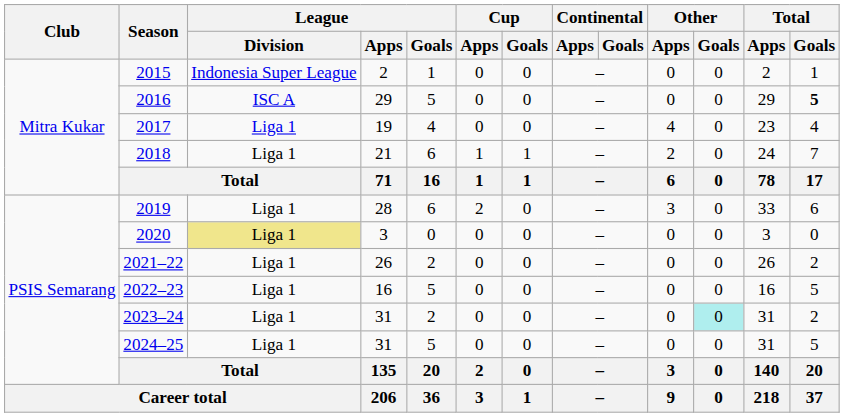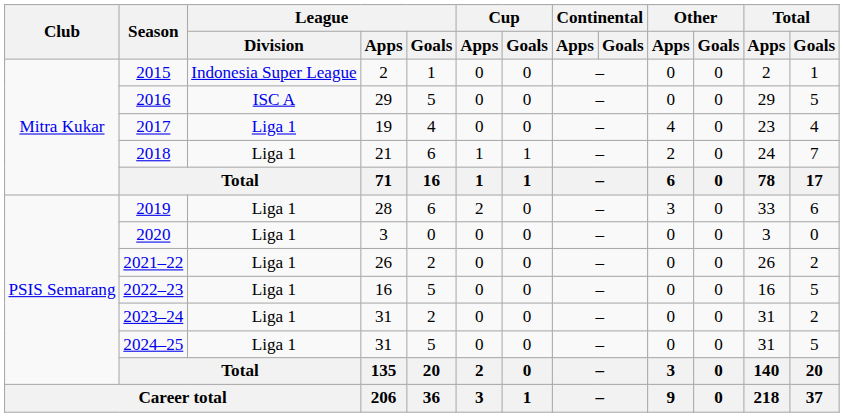 <table class="wikitable" style="text-align: center">
 <tr>
 <th rowspan="2">Club</th>
 <th rowspan="2">Season</th>
 <th colspan="3">League</th>
 <th colspan="2">Cup</th>
 <th colspan="2">Continental</th>
 <th colspan="2">Other</th>
 <th colspan="2">Total</th>
 </tr>
 <tr>
 <th>Division</th>
 <th>Apps</th>
 <th>Goals</th>
 <th>Apps</th>
 <th>Goals</th>
 <th>Apps</th>
 <th>Goals</th>
 <th>Apps</th>
 <th>Goals</th>
 <th>Apps</th>
 <th>Goals</th>
 </tr>
 <tr>
 <td rowspan="5"><a href='#'>Mitra Kukar</a></td>
 <td><a href='#'>2015</a></td>
 <td><a href='#'>Indonesia Super League</a></td>
 <td>2</td>
 <td>1</td>
 <td>0</td>
 <td>0</td>
 <td colspan="2">–</td>
 <td>0</td>
 <td>0</td>
 <td>2</td>
 <td>1</td>
 </tr>
 <tr>
 <td><a href='#'>2016</a></td>
 <td><a href='#'>ISC A</a></td>
 <td>29</td>
 <td>5</td>
 <td>0</td>
 <td>0</td>
 <td colspan="2">–</td>
 <td>0</td>
 <td>0</td>
 <td>29</td>
-<td><strong>5</strong></td>
+<td>5</td>
 </tr>
 <tr>
 <td><a href='#'>2017</a></td>
 <td rowspan="1"><a href='#'>Liga 1</a></td>
 <td>19</td>
 <td>4</td>
 <td>0</td>
 <td>0</td>
 <td colspan="2">–</td>
 <td>4</td>
 <td>0</td>
 <td>23</td>
 <td>4</td>
 </tr>
 <tr>
 <td><a href='#'>2018</a></td>
 <td rowspan="1">Liga 1</td>
 <td>21</td>
 <td>6</td>
 <td>1</td>
 <td>1</td>
 <td colspan="2">–</td>
 <td>2</td>
 <td>0</td>
 <td>24</td>
 <td>7</td>
 </tr>
 <tr>
 <th colspan="2">Total</th>
 <th>71</th>
 <th>16</th>
 <th>1</th>
 <th>1</th>
 <th colspan="2">–</th>
 <th>6</th>
 <th>0</th>
 <th>78</th>
 <th>17</th>
 </tr>
 <tr>
 <td rowspan="7"><a href='#'>PSIS Semarang</a></td>
 <td><a href='#'>2019</a></td>
 <td rowspan="1">Liga 1</td>
 <td>28</td>
 <td>6</td>
 <td>2</td>
 <td>0</td>
 <td colspan="2">–</td>
 <td>3</td>
 <td>0</td>
 <td>33</td>
 <td>6</td>
 </tr>
 <tr>
 <td><a href='#'>2020</a></td>
-<td rowspan="1" style="background: khaki;">Liga 1</td>
+<td rowspan="1">Liga 1</td>
 <td>3</td>
 <td>0</td>
 <td>0</td>
 <td>0</td>
 <td colspan="2">–</td>
 <td>0</td>
 <td>0</td>
 <td>3</td>
 <td>0</td>
 </tr>
 <tr>
 <td><a href='#'>2021–22</a></td>
 <td rowspan="1">Liga 1</td>
 <td>26</td>
 <td>2</td>
 <td>0</td>
 <td>0</td>
 <td colspan="2">–</td>
 <td>0</td>
 <td>0</td>
 <td>26</td>
 <td>2</td>
 </tr>
 <tr>
 <td><a href='#'>2022–23</a></td>
 <td>Liga 1</td>
 <td>16</td>
 <td>5</td>
 <td>0</td>
 <td>0</td>
 <td colspan="2">–</td>
 <td>0</td>
 <td>0</td>
 <td>16</td>
 <td>5</td>
 </tr>
 <tr>
 <td><a href='#'>2023–24</a></td>
 <td>Liga 1</td>
 <td>31</td>
 <td>2</td>
 <td>0</td>
 <td>0</td>
 <td colspan="2">–</td>
 <td>0</td>
-<td style="background: paleturquoise;">0</td>
+<td>0</td>
 <td>31</td>
 <td>2</td>
 </tr>
 <tr>
 <td><a href='#'>2024–25</a></td>
 <td>Liga 1</td>
 <td>31</td>
 <td>5</td>
 <td>0</td>
 <td>0</td>
 <td colspan="2">–</td>
 <td>0</td>
 <td>0</td>
 <td>31</td>
 <td>5</td>
 </tr>
 <tr>
 <th colspan="2">Total</th>
 <th>135</th>
 <th>20</th>
 <th>2</th>
 <th>0</th>
 <th colspan="2">–</th>
 <th>3</th>
 <th>0</th>
 <th>140</th>
 <th>20</th>
 </tr>
 <tr>
 <th colspan=3>Career total</th>
 <th>206</th>
 <th>36</th>
 <th>3</th>
 <th>1</th>
 <th colspan="2">–</th>
 <th>9</th>
 <th>0</th>
 <th>218</th>
 <th>37</th>
 </tr>
 </table>
